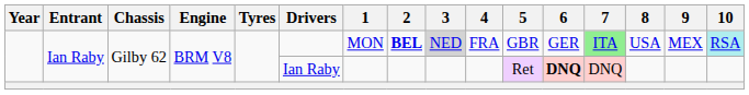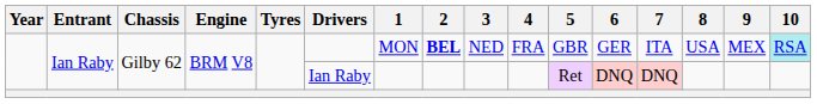 <table class="wikitable" style="text-align:center; font-size:95%">
 <tr>
 <th>Year</th>
 <th>Entrant</th>
 <th>Chassis</th>
 <th>Engine</th>
 <th>Tyres</th>
 <th>Drivers</th>
 <th>1</th>
 <th>2</th>
 <th>3</th>
 <th>4</th>
 <th>5</th>
 <th>6</th>
 <th>7</th>
 <th>8</th>
 <th>9</th>
 <th>10</th>
 </tr>
 <tr>
 <td rowspan="2"></td>
 <td rowspan="2"><a href='#'>Ian Raby</a></td>
 <td rowspan="2">Gilby 62</td>
 <td rowspan="2"><a href='#'>BRM</a> <a href='#'>V8</a></td>
 <td rowspan="2"></td>
 <td></td>
 <td><a href='#'>MON</a></td>
 <td><strong><a href='#'>BEL</a></strong></td>
-<td style="background: lightgrey;"><a href='#'>NED</a></td>
+<td><a href='#'>NED</a></td>
 <td><a href='#'>FRA</a></td>
 <td><a href='#'>GBR</a></td>
 <td><a href='#'>GER</a></td>
-<td style="background: lightgreen;"><a href='#'>ITA</a></td>
+<td><a href='#'>ITA</a></td>
 <td><a href='#'>USA</a></td>
 <td><a href='#'>MEX</a></td>
 <td style="background: paleturquoise;"><a href='#'>RSA</a></td>
 </tr>
 <tr>
 <td><a href='#'>Ian Raby</a></td>
 <td></td>
 <td></td>
 <td></td>
 <td></td>
 <td style="background:#EFCFFF;">Ret</td>
-<td style="background:#FFCFCF;"><strong>DNQ</strong></td>
+<td style="background:#FFCFCF;">DNQ</td>
 <td style="background:#FFCFCF;">DNQ</td>
 <td></td>
 <td></td>
 <td></td>
 </tr>
 <tr>
 <th colspan="16"></th>
 </tr>
 </table>
